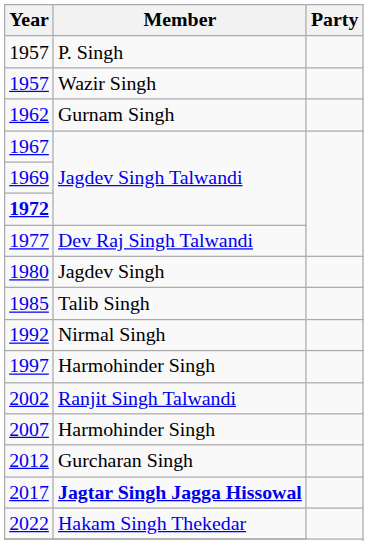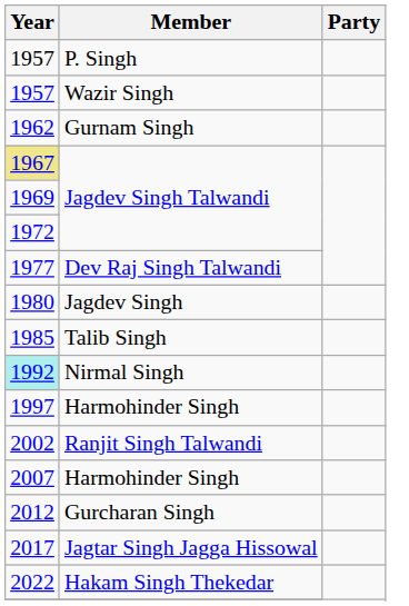 <table class="wikitable sortable">
 <tr>
 <th>Year</th>
 <th>Member</th>
 <th colspan="2">Party</th>
 </tr>
 <tr>
 <td>1957</td>
 <td>P. Singh</td>
 <td></td>
 </tr>
 <tr>
 <td><a href='#'>1957</a></td>
 <td>Wazir Singh</td>
 </tr>
 <tr>
 <td><a href='#'>1962</a></td>
 <td>Gurnam Singh</td>
 <td></td>
 </tr>
 <tr>
-<td><a href='#'>1967</a></td>
+<td style="background: khaki;"><a href='#'>1967</a></td>
 <td rowspan=3><a href='#'>Jagdev Singh Talwandi</a></td>
 </tr>
 <tr>
 <td><a href='#'>1969</a></td>
 </tr>
 <tr>
-<td><strong><a href='#'>1972</a></strong></td>
+<td><a href='#'>1972</a></td>
 </tr>
 <tr>
 <td><a href='#'>1977</a></td>
 <td><a href='#'>Dev Raj Singh Talwandi</a></td>
 </tr>
 <tr>
 <td><a href='#'>1980</a></td>
 <td>Jagdev Singh</td>
 <td></td>
 </tr>
 <tr>
 <td><a href='#'>1985</a></td>
 <td>Talib Singh</td>
 <td></td>
 </tr>
 <tr>
-<td><a href='#'>1992</a></td>
+<td style="background: paleturquoise;"><a href='#'>1992</a></td>
 <td>Nirmal Singh</td>
 <td></td>
 </tr>
 <tr>
 <td><a href='#'>1997</a></td>
 <td>Harmohinder Singh</td>
 </tr>
 <tr>
 <td><a href='#'>2002</a></td>
 <td><a href='#'>Ranjit Singh Talwandi</a></td>
 <td></td>
 </tr>
 <tr>
 <td><a href='#'>2007</a></td>
 <td>Harmohinder Singh</td>
 <td></td>
 </tr>
 <tr>
 <td><a href='#'>2012</a></td>
 <td>Gurcharan Singh</td>
 </tr>
 <tr>
 <td><a href='#'>2017</a></td>
-<td><strong><a href='#'>Jagtar Singh Jagga Hissowal</a></strong></td>
+<td><a href='#'>Jagtar Singh Jagga Hissowal</a></td>
 <td></td>
 </tr>
 <tr>
 <td><a href='#'>2022</a></td>
 <td><a href='#'>Hakam Singh Thekedar</a></td>
 </tr>
 <tr>
 </tr>
 </table>
